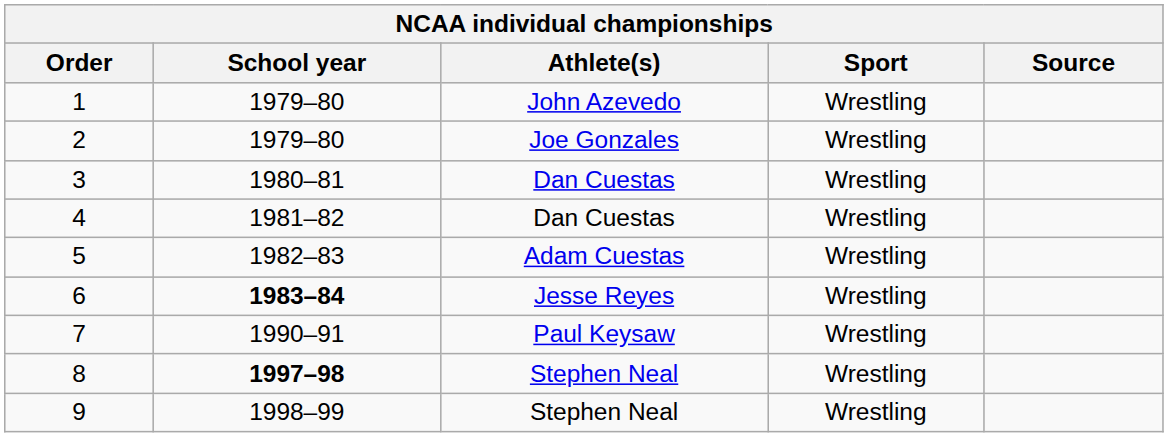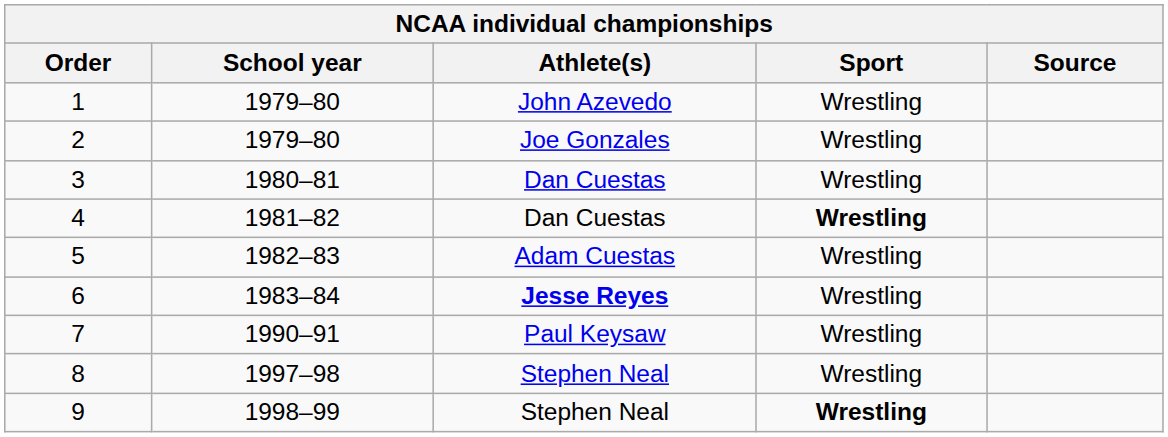 <table class="wikitable sortable" width="60%">
 <tr align="center">
 <th colspan=5>NCAA individual championships</th>
 </tr>
 <tr>
 <th>Order</th>
 <th>School year</th>
 <th>Athlete(s)</th>
 <th>Sport</th>
 <th>Source</th>
 </tr>
 <tr align="center" bgcolor="">
 <td>1</td>
 <td>1979–80</td>
 <td><a href='#'>John Azevedo</a></td>
 <td>Wrestling</td>
 <td></td>
 </tr>
 <tr align="center" bgcolor="">
 <td>2</td>
 <td>1979–80</td>
 <td><a href='#'>Joe Gonzales</a></td>
 <td>Wrestling</td>
 <td></td>
 </tr>
 <tr align="center" bgcolor="">
 <td>3</td>
 <td>1980–81</td>
 <td><a href='#'>Dan Cuestas</a></td>
 <td>Wrestling</td>
 <td></td>
 </tr>
 <tr align="center" bgcolor="">
 <td>4</td>
 <td>1981–82</td>
 <td>Dan Cuestas</td>
-<td>Wrestling</td>
+<td><strong>Wrestling</strong></td>
 <td></td>
 </tr>
 <tr align="center" bgcolor="">
 <td>5</td>
 <td>1982–83</td>
 <td><a href='#'>Adam Cuestas</a></td>
 <td>Wrestling</td>
 <td></td>
 </tr>
 <tr align="center" bgcolor="">
 <td>6</td>
-<td><strong>1983–84</strong></td>
-<td><a href='#'>Jesse Reyes</a></td>
+<td>1983–84</td>
+<td><strong><a href='#'>Jesse Reyes</a></strong></td>
 <td>Wrestling</td>
 <td></td>
 </tr>
 <tr align="center" bgcolor="">
 <td>7</td>
 <td>1990–91</td>
 <td><a href='#'>Paul Keysaw</a></td>
 <td>Wrestling</td>
 <td></td>
 </tr>
 <tr align="center" bgcolor="">
 <td>8</td>
-<td><strong>1997–98</strong></td>
+<td>1997–98</td>
 <td><a href='#'>Stephen Neal</a></td>
 <td>Wrestling</td>
 <td></td>
 </tr>
 <tr align="center" bgcolor="">
 <td>9</td>
 <td>1998–99</td>
 <td>Stephen Neal</td>
-<td>Wrestling</td>
+<td><strong>Wrestling</strong></td>
 <td></td>
 </tr>
 </table>
